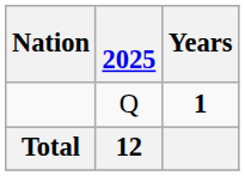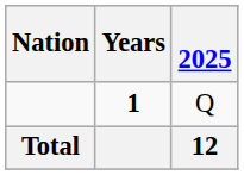 <table class="wikitable" style="text-align:center; font-size:90%">
 <tr>
 <th>Nation</th>
+<th>Years</th>
 <th><br><a href='#'>2025</a></th>
-<th>Years</th>
 </tr>
 <tr>
 <td align=left></td>
+<td><strong>1</strong></td>
 <td>Q</td>
-<td><strong>1</strong></td>
 </tr>
 <tr>
 <th>Total</th>
+<th></th>
 <th>12</th>
-<th></th>
 </tr>
 </table>
